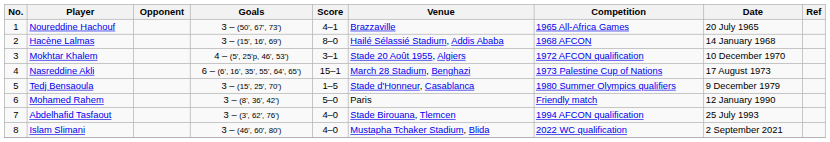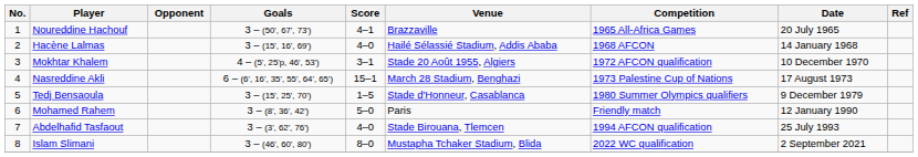 <table class="wikitable" style="font-size:90%; text-align:left;" width="100%">
 <tr>
 <th>No.</th>
 <th>Player</th>
 <th>Opponent</th>
 <th>Goals</th>
 <th>Score</th>
 <th>Venue</th>
 <th>Competition</th>
 <th>Date</th>
 <th>Ref</th>
 </tr>
 <tr>
 <td align="center">1</td>
 <td><a href='#'>Noureddine Hachouf</a></td>
 <td></td>
 <td align="center">3 – <small>(50', 67', 73')</small></td>
 <td align="center">4–1</td>
 <td><a href='#'>Brazzaville</a></td>
 <td><a href='#'>1965 All-Africa Games</a></td>
 <td>20 July 1965</td>
 <td></td>
 </tr>
 <tr>
 <td align="center">2</td>
 <td><a href='#'>Hacène Lalmas</a></td>
 <td></td>
 <td align="center">3 – <small>(15', 16', 69')</small></td>
-<td align="center">8–0</td>
+<td align="center">4–0</td>
 <td><a href='#'>Hailé Sélassié Stadium</a>, <a href='#'>Addis Ababa</a></td>
 <td><a href='#'>1968 AFCON</a></td>
 <td>14 January 1968</td>
 <td></td>
 </tr>
 <tr>
 <td align="center">3</td>
 <td><a href='#'>Mokhtar Khalem</a></td>
 <td></td>
 <td align="center">4 – <small>(5', 25'p, 46', 53')</small></td>
 <td align="center">3–1</td>
 <td><a href='#'>Stade 20 Août 1955</a>, <a href='#'>Algiers</a></td>
 <td><a href='#'>1972 AFCON qualification</a></td>
 <td>10 December 1970</td>
 <td></td>
 </tr>
 <tr>
 <td align="center">4</td>
 <td><a href='#'>Nasreddine Akli</a></td>
 <td></td>
 <td align="center">6 – <small>(6', 16', 35', 55', 64', 65')</small></td>
 <td align="center">15–1</td>
 <td><a href='#'>March 28 Stadium</a>, <a href='#'>Benghazi</a></td>
 <td><a href='#'>1973 Palestine Cup of Nations</a></td>
 <td>17 August 1973</td>
 <td></td>
 </tr>
 <tr>
 <td align="center">5</td>
 <td><a href='#'>Tedj Bensaoula</a></td>
 <td></td>
 <td align="center">3 – <small>(15', 25', 70')</small></td>
 <td align="center">1–5</td>
 <td><a href='#'>Stade d'Honneur</a>, <a href='#'>Casablanca</a></td>
 <td><a href='#'>1980 Summer Olympics qualifiers</a></td>
 <td>9 December 1979</td>
 <td></td>
 </tr>
 <tr>
 <td align="center">6</td>
 <td><a href='#'>Mohamed Rahem</a></td>
 <td></td>
 <td align="center">3 – <small>(8', 36', 42')</small></td>
 <td align="center">5–0</td>
 <td>Paris</td>
 <td><a href='#'>Friendly match</a></td>
 <td>12 January 1990</td>
 <td></td>
 </tr>
 <tr>
 <td align="center">7</td>
 <td><a href='#'>Abdelhafid Tasfaout</a></td>
 <td></td>
 <td align="center">3 – <small>(3', 62', 76')</small></td>
 <td align="center">4–0</td>
 <td><a href='#'>Stade Birouana</a>, <a href='#'>Tlemcen</a></td>
 <td><a href='#'>1994 AFCON qualification</a></td>
 <td>25 July 1993</td>
 <td></td>
 </tr>
 <tr>
 <td align="center">8</td>
 <td><a href='#'>Islam Slimani</a></td>
 <td></td>
 <td align="center">3 – <small>(46', 60', 80')</small></td>
-<td align="center">4–0</td>
+<td align="center">8–0</td>
 <td><a href='#'>Mustapha Tchaker Stadium</a>, <a href='#'>Blida</a></td>
 <td><a href='#'>2022 WC qualification</a></td>
 <td>2 September 2021</td>
 <td></td>
 </tr>
 <tr>
 </tr>
 </table>
